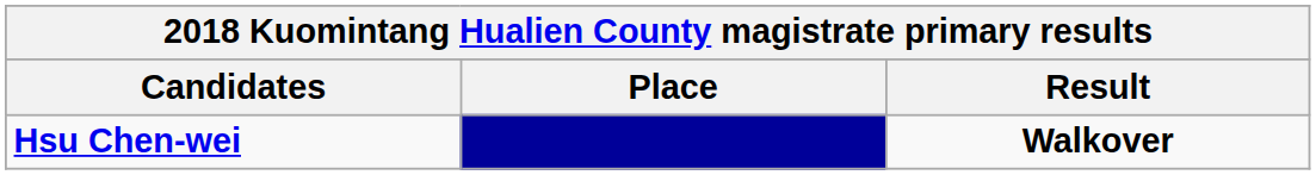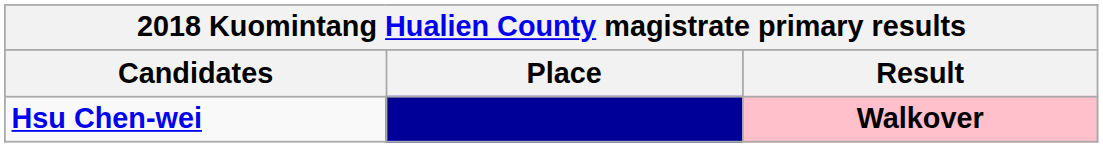 <table class="wikitable collapsible">
 <tr>
 <th colspan="6" width=600>2018 Kuomintang <a href='#'>Hualien County</a> magistrate primary results</th>
 </tr>
 <tr>
 <th width=80>Candidates</th>
 <th width=80>Place</th>
 <th width=80>Result</th>
 </tr>
 <tr>
 <td><strong><a href='#'>Hsu Chen-wei</a></strong></td>
 <td style="background: #000099; text-align:center"><strong></strong></td>
-<td style="text-align:center"><strong>Walkover</strong></td>
+<td style="background: pink; text-align:center"><strong>Walkover</strong></td>
 </tr>
 </table>
